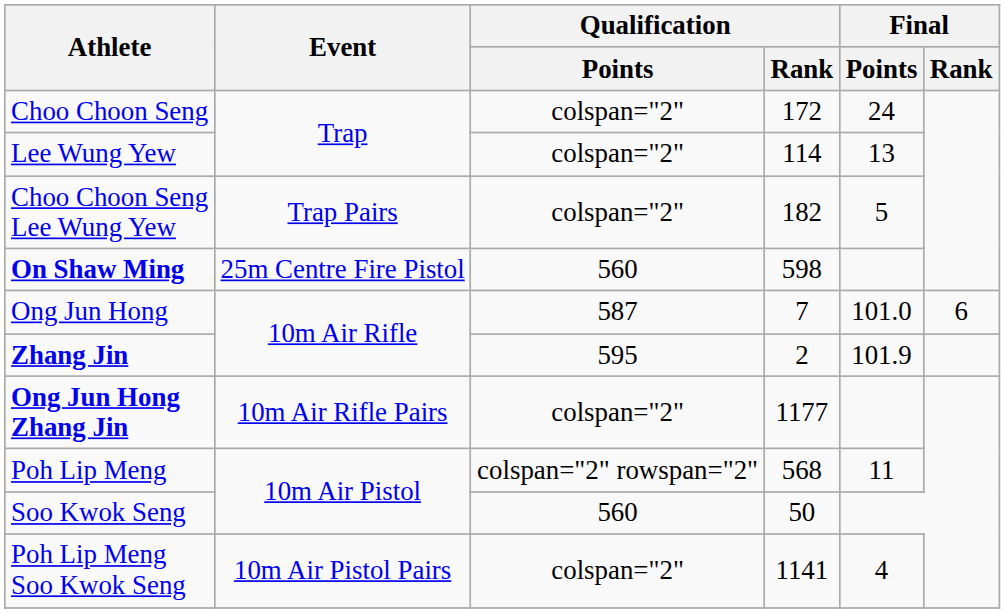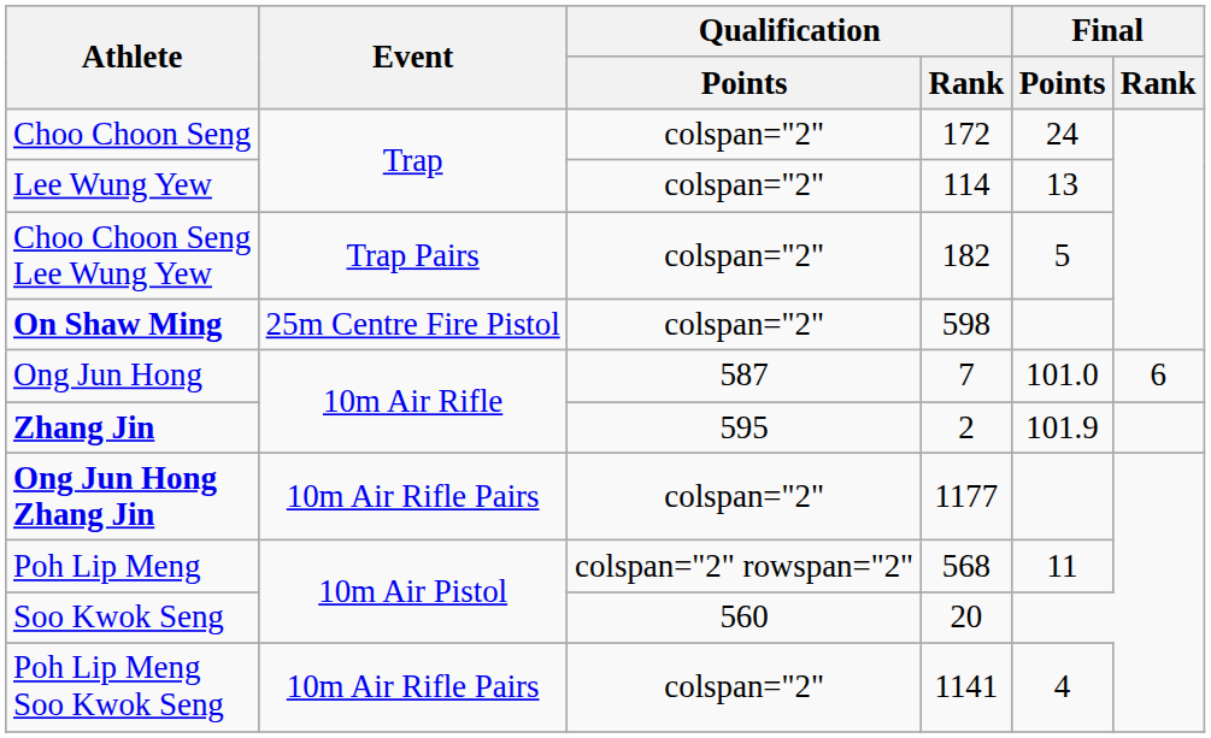 <table class="wikitable">
 <tr>
 <th rowspan="2">Athlete</th>
 <th rowspan="2">Event</th>
 <th colspan="2">Qualification</th>
 <th colspan="2">Final</th>
 </tr>
 <tr>
 <th>Points</th>
 <th>Rank</th>
 <th>Points</th>
 <th>Rank</th>
 </tr>
 <tr align="center">
 <td align="left"><a href='#'>Choo Choon Seng</a></td>
 <td rowspan="2"><a href='#'>Trap</a></td>
 <td>colspan="2" </td>
 <td>172</td>
 <td>24</td>
 </tr>
 <tr align="center">
 <td align="left"><a href='#'>Lee Wung Yew</a></td>
 <td>colspan="2" </td>
 <td>114</td>
 <td>13</td>
 </tr>
 <tr align="center">
 <td align="left"><a href='#'>Choo Choon Seng</a><br><a href='#'>Lee Wung Yew</a></td>
 <td><a href='#'>Trap Pairs</a></td>
 <td>colspan="2" </td>
 <td>182</td>
 <td>5</td>
 </tr>
 <tr align="center">
 <td align="left"><strong><a href='#'>On Shaw Ming</a></strong></td>
 <td><a href='#'>25m Centre Fire Pistol</a></td>
-<td>560</td>
+<td>colspan="2" </td>
 <td>598</td>
 <td></td>
 </tr>
 <tr align="center">
 <td align="left"><a href='#'>Ong Jun Hong</a></td>
 <td rowspan="2"><a href='#'>10m Air Rifle</a></td>
 <td>587</td>
 <td>7</td>
 <td>101.0</td>
 <td>6</td>
 </tr>
 <tr align="center">
 <td align="left"><a href='#'><strong>Zhang Jin</strong></a></td>
 <td>595</td>
 <td>2</td>
 <td>101.9</td>
 <td></td>
 </tr>
 <tr align="center">
 <td align="left"><strong><a href='#'>Ong Jun Hong</a><br><a href='#'>Zhang Jin</a></strong></td>
 <td><a href='#'>10m Air Rifle Pairs</a></td>
 <td>colspan="2" </td>
 <td>1177</td>
 <td></td>
 </tr>
 <tr align="center">
 <td align="left"><a href='#'>Poh Lip Meng</a></td>
 <td rowspan="2"><a href='#'>10m Air Pistol</a></td>
 <td>colspan="2" rowspan="2" </td>
 <td>568</td>
 <td>11</td>
 </tr>
 <tr align="center">
 <td align="left"><a href='#'>Soo Kwok Seng</a></td>
 <td>560</td>
-<td>50</td>
+<td>20</td>
 </tr>
 <tr align="center">
 <td align="left"><a href='#'>Poh Lip Meng</a><br><a href='#'>Soo Kwok Seng</a></td>
-<td><a href='#'>10m Air Pistol Pairs</a></td>
+<td><a href='#'>10m Air Rifle Pairs</a></td>
 <td>colspan="2" </td>
 <td>1141</td>
 <td>4</td>
 </tr>
 </table>
